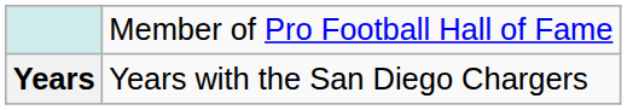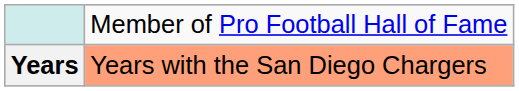 <table class="wikitable" border="1">
 <tr>
 <td style="background:#CFECEC;"></td>
 <td>Member of <a href='#'>Pro Football Hall of Fame</a></td>
 </tr>
 <tr>
 <th scope="row">Years</th>
-<td>Years with the San Diego Chargers</td>
+<td style="background: lightsalmon;">Years with the San Diego Chargers</td>
 </tr>
 </table>
